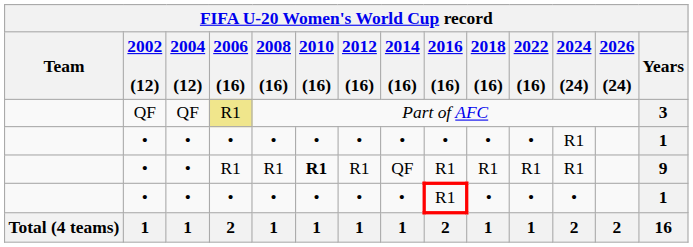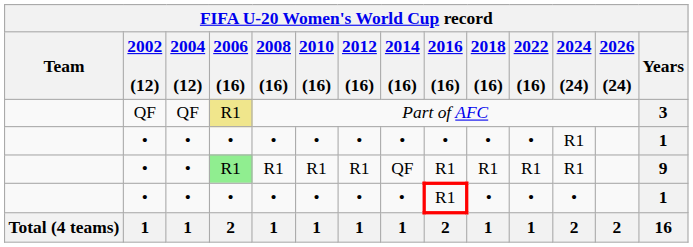 <table class="wikitable">
 <tr style="background:#ccc; text-align:center;">
 <th colspan=14><a href='#'>FIFA U-20 Women's World Cup</a> record</th>
 </tr>
 <tr>
 <th>Team</th>
 <th><a href='#'>2002</a><br><br>(12)</th>
 <th><a href='#'>2004</a><br><br>(12)</th>
 <th><a href='#'>2006</a><br><br>(16)</th>
 <th><a href='#'>2008</a><br><br>(16)</th>
 <th><a href='#'>2010</a><br><br>(16)</th>
 <th><a href='#'>2012</a><br><br>(16)</th>
 <th><a href='#'>2014</a><br><br>(16)</th>
 <th><a href='#'>2016</a><br><br>(16)</th>
 <th><a href='#'>2018</a><br><br>(16)</th>
 <th><a href='#'>2022</a><br><br>(16)</th>
 <th><a href='#'>2024</a><br><br>(24)</th>
 <th><a href='#'>2026</a><br><br>(24)</th>
 <th>Years</th>
 </tr>
 <tr style="text-align:center">
 <td style="text-align:left"></td>
 <td>QF</td>
 <td>QF</td>
 <td style="background: khaki;">R1</td>
 <td colspan="9"><em>Part of <a href='#'>AFC</a></em></td>
 <th>3</th>
 </tr>
 <tr style="text-align:center">
 <td style="text-align:left"></td>
 <td>•</td>
 <td>•</td>
 <td>•</td>
 <td>•</td>
 <td>•</td>
 <td>•</td>
 <td>•</td>
 <td>•</td>
 <td>•</td>
 <td>•</td>
 <td>R1</td>
 <td></td>
 <th>1</th>
 </tr>
 <tr style="text-align:center">
 <td style="text-align:left"></td>
 <td>•</td>
 <td>•</td>
+<td style="background: lightgreen;">R1</td>
 <td>R1</td>
 <td>R1</td>
-<td><strong>R1</strong></td>
 <td>R1</td>
 <td>QF</td>
 <td>R1</td>
 <td>R1</td>
 <td>R1</td>
 <td>R1</td>
 <td></td>
 <th>9</th>
 </tr>
 <tr style="text-align:center">
 <td style="text-align:left"></td>
 <td>•</td>
 <td>•</td>
 <td>•</td>
 <td>•</td>
 <td>•</td>
 <td>•</td>
 <td>•</td>
 <td style="border: 3px solid red">R1</td>
 <td>•</td>
 <td>•</td>
 <td>•</td>
 <td></td>
 <th>1</th>
 </tr>
 <tr style="text-align:center">
 <th style="text-align:left">Total (4 teams)</th>
 <th>1</th>
 <th>1</th>
 <th>2</th>
 <th>1</th>
 <th>1</th>
 <th>1</th>
 <th>1</th>
 <th>2</th>
 <th>1</th>
 <th>1</th>
 <th>2</th>
 <th>2</th>
 <th>16</th>
 </tr>
 </table>
